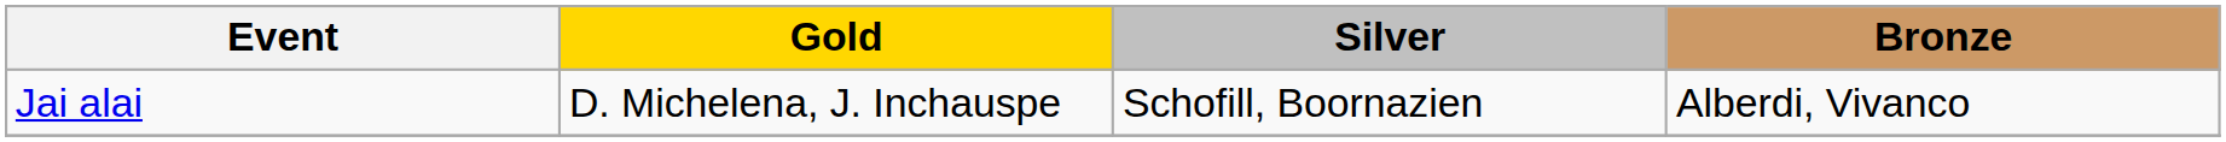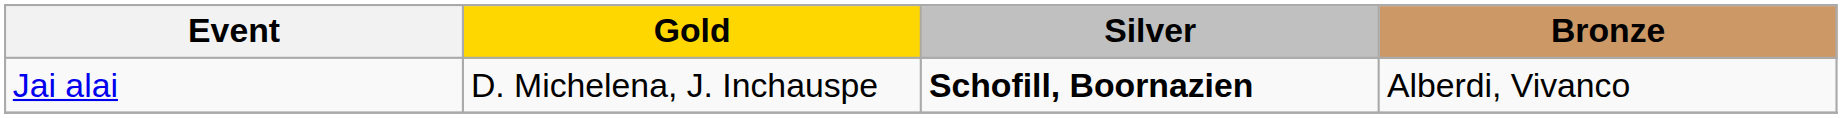 <table class="wikitable" style="max-width: 23cm; width: 100%">
 <tr>
 <th scope="col">Event</th>
 <th scope="col" style="background-color:gold; width:25%">Gold</th>
 <th scope="col" style="background-color:silver; width:25%; width:25%">Silver</th>
 <th scope="col" style="background-color:#cc9966; width:25%">Bronze</th>
 </tr>
 <tr>
 <td><a href='#'>Jai alai</a></td>
 <td> D. Michelena, J. Inchauspe</td>
-<td> Schofill, Boornazien</td>
+<td><strong> Schofill, Boornazien</strong></td>
 <td> Alberdi, Vivanco</td>
 </tr>
 <tr>
 </tr>
 </table>
